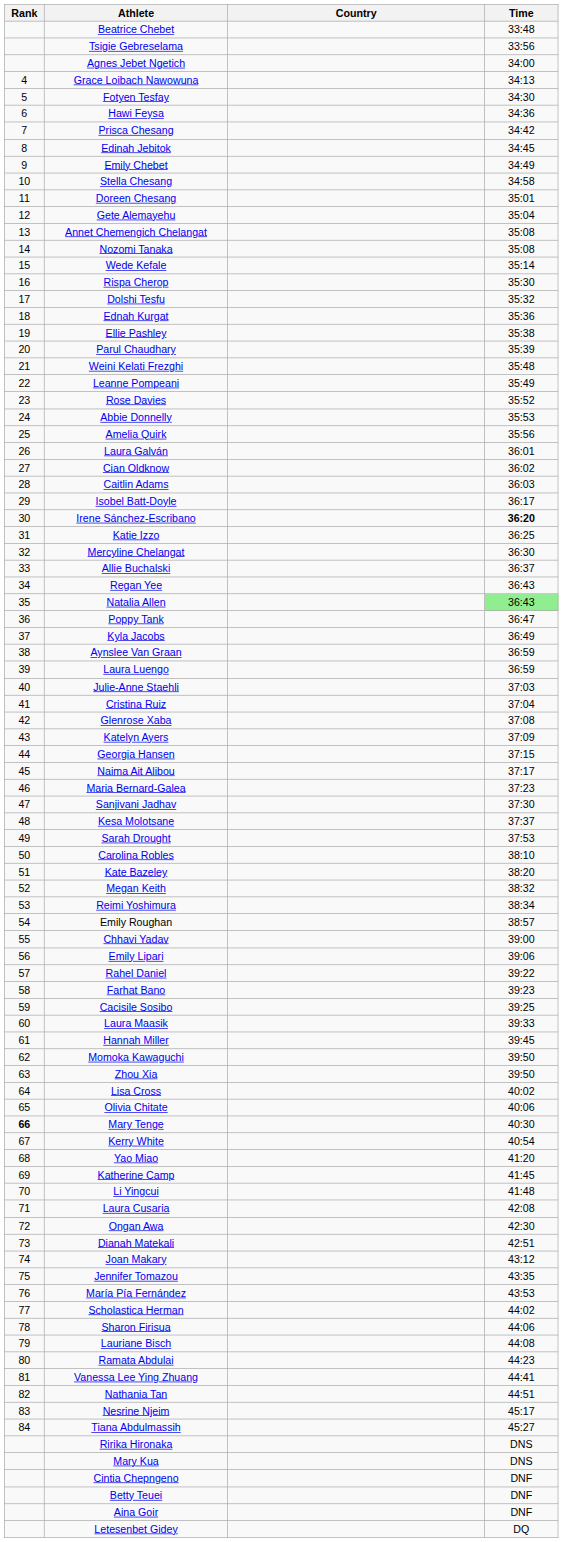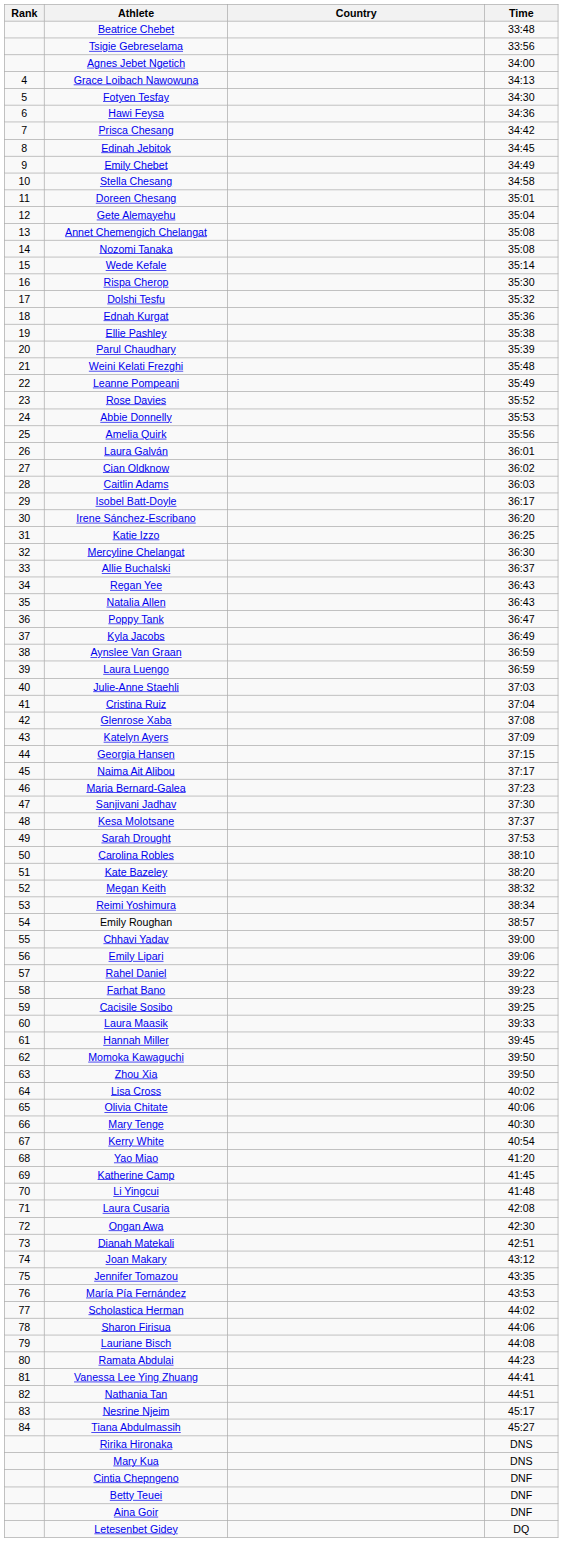 <table class="wikitable sortable" style=" text-align:center; font-size:95%;" width="50%">
 <tr>
 <th width="5%">Rank</th>
 <th width="25%">Athlete</th>
 <th width="35%">Country</th>
 <th width="10%">Time</th>
 </tr>
 <tr>
 <td align=center></td>
 <td><a href='#'>Beatrice Chebet</a></td>
 <td></td>
 <td>33:48</td>
 </tr>
 <tr>
 <td align=center></td>
 <td><a href='#'>Tsigie Gebreselama</a></td>
 <td></td>
 <td>33:56</td>
 </tr>
 <tr>
 <td align=center></td>
 <td><a href='#'>Agnes Jebet Ngetich</a></td>
 <td></td>
 <td>34:00</td>
 </tr>
 <tr>
 <td>4</td>
 <td><a href='#'>Grace Loibach Nawowuna</a></td>
 <td></td>
 <td>34:13</td>
 </tr>
 <tr>
 <td>5</td>
 <td><a href='#'>Fotyen Tesfay</a></td>
 <td></td>
 <td>34:30</td>
 </tr>
 <tr>
 <td>6</td>
 <td><a href='#'>Hawi Feysa</a></td>
 <td></td>
 <td>34:36</td>
 </tr>
 <tr>
 <td>7</td>
 <td><a href='#'>Prisca Chesang</a></td>
 <td></td>
 <td>34:42</td>
 </tr>
 <tr>
 <td>8</td>
 <td><a href='#'>Edinah Jebitok</a></td>
 <td></td>
 <td>34:45</td>
 </tr>
 <tr>
 <td>9</td>
 <td><a href='#'>Emily Chebet</a></td>
 <td></td>
 <td>34:49</td>
 </tr>
 <tr>
 <td>10</td>
 <td><a href='#'>Stella Chesang</a></td>
 <td></td>
 <td>34:58</td>
 </tr>
 <tr>
 <td>11</td>
 <td><a href='#'>Doreen Chesang</a></td>
 <td></td>
 <td>35:01</td>
 </tr>
 <tr>
 <td>12</td>
 <td><a href='#'>Gete Alemayehu</a></td>
 <td></td>
 <td>35:04</td>
 </tr>
 <tr>
 <td>13</td>
 <td><a href='#'>Annet Chemengich Chelangat</a></td>
 <td></td>
 <td>35:08</td>
 </tr>
 <tr>
 <td>14</td>
 <td><a href='#'>Nozomi Tanaka</a></td>
 <td></td>
 <td>35:08</td>
 </tr>
 <tr>
 <td>15</td>
 <td><a href='#'>Wede Kefale</a></td>
 <td></td>
 <td>35:14</td>
 </tr>
 <tr>
 <td>16</td>
 <td><a href='#'>Rispa Cherop</a></td>
 <td></td>
 <td>35:30</td>
 </tr>
 <tr>
 <td>17</td>
 <td><a href='#'>Dolshi Tesfu</a></td>
 <td></td>
 <td>35:32</td>
 </tr>
 <tr>
 <td>18</td>
 <td><a href='#'>Ednah Kurgat</a></td>
 <td></td>
 <td>35:36</td>
 </tr>
 <tr>
 <td>19</td>
 <td><a href='#'>Ellie Pashley</a></td>
 <td></td>
 <td>35:38</td>
 </tr>
 <tr>
 <td>20</td>
 <td><a href='#'>Parul Chaudhary</a></td>
 <td></td>
 <td>35:39</td>
 </tr>
 <tr>
 <td>21</td>
 <td><a href='#'>Weini Kelati Frezghi</a></td>
 <td></td>
 <td>35:48</td>
 </tr>
 <tr>
 <td>22</td>
 <td><a href='#'>Leanne Pompeani</a></td>
 <td></td>
 <td>35:49</td>
 </tr>
 <tr>
 <td>23</td>
 <td><a href='#'>Rose Davies</a></td>
 <td></td>
 <td>35:52</td>
 </tr>
 <tr>
 <td>24</td>
 <td><a href='#'>Abbie Donnelly</a></td>
 <td></td>
 <td>35:53</td>
 </tr>
 <tr>
 <td>25</td>
 <td><a href='#'>Amelia Quirk</a></td>
 <td></td>
 <td>35:56</td>
 </tr>
 <tr>
 <td>26</td>
 <td><a href='#'>Laura Galván</a></td>
 <td></td>
 <td>36:01</td>
 </tr>
 <tr>
 <td>27</td>
 <td><a href='#'>Cian Oldknow</a></td>
 <td></td>
 <td>36:02</td>
 </tr>
 <tr>
 <td>28</td>
 <td><a href='#'>Caitlin Adams</a></td>
 <td></td>
 <td>36:03</td>
 </tr>
 <tr>
 <td>29</td>
 <td><a href='#'>Isobel Batt-Doyle</a></td>
 <td></td>
 <td>36:17</td>
 </tr>
 <tr>
 <td>30</td>
 <td><a href='#'>Irene Sánchez-Escribano</a></td>
 <td></td>
-<td><strong>36:20</strong></td>
+<td>36:20</td>
 </tr>
 <tr>
 <td>31</td>
 <td><a href='#'>Katie Izzo</a></td>
 <td></td>
 <td>36:25</td>
 </tr>
 <tr>
 <td>32</td>
 <td><a href='#'>Mercyline Chelangat</a></td>
 <td></td>
 <td>36:30</td>
 </tr>
 <tr>
 <td>33</td>
 <td><a href='#'>Allie Buchalski</a></td>
 <td></td>
 <td>36:37</td>
 </tr>
 <tr>
 <td>34</td>
 <td><a href='#'>Regan Yee</a></td>
 <td></td>
 <td>36:43</td>
 </tr>
 <tr>
 <td>35</td>
 <td><a href='#'>Natalia Allen</a></td>
 <td></td>
-<td style="background: lightgreen;">36:43</td>
+<td>36:43</td>
 </tr>
 <tr>
 <td>36</td>
 <td><a href='#'>Poppy Tank</a></td>
 <td></td>
 <td>36:47</td>
 </tr>
 <tr>
 <td>37</td>
 <td><a href='#'>Kyla Jacobs</a></td>
 <td></td>
 <td>36:49</td>
 </tr>
 <tr>
 <td>38</td>
 <td><a href='#'>Aynslee Van Graan</a></td>
 <td></td>
 <td>36:59</td>
 </tr>
 <tr>
 <td>39</td>
 <td><a href='#'>Laura Luengo</a></td>
 <td></td>
 <td>36:59</td>
 </tr>
 <tr>
 <td>40</td>
 <td><a href='#'>Julie-Anne Staehli</a></td>
 <td></td>
 <td>37:03</td>
 </tr>
 <tr>
 <td>41</td>
 <td><a href='#'>Cristina Ruiz</a></td>
 <td></td>
 <td>37:04</td>
 </tr>
 <tr>
 <td>42</td>
 <td><a href='#'>Glenrose Xaba</a></td>
 <td></td>
 <td>37:08</td>
 </tr>
 <tr>
 <td>43</td>
 <td><a href='#'>Katelyn Ayers</a></td>
 <td></td>
 <td>37:09</td>
 </tr>
 <tr>
 <td>44</td>
 <td><a href='#'>Georgia Hansen</a></td>
 <td></td>
 <td>37:15</td>
 </tr>
 <tr>
 <td>45</td>
 <td><a href='#'>Naima Ait Alibou</a></td>
 <td></td>
 <td>37:17</td>
 </tr>
 <tr>
 <td>46</td>
 <td><a href='#'>Maria Bernard-Galea</a></td>
 <td></td>
 <td>37:23</td>
 </tr>
 <tr>
 <td>47</td>
 <td><a href='#'>Sanjivani Jadhav</a></td>
 <td></td>
 <td>37:30</td>
 </tr>
 <tr>
 <td>48</td>
 <td><a href='#'>Kesa Molotsane</a></td>
 <td></td>
 <td>37:37</td>
 </tr>
 <tr>
 <td>49</td>
 <td><a href='#'>Sarah Drought</a></td>
 <td></td>
 <td>37:53</td>
 </tr>
 <tr>
 <td>50</td>
 <td><a href='#'>Carolina Robles</a></td>
 <td></td>
 <td>38:10</td>
 </tr>
 <tr>
 <td>51</td>
 <td><a href='#'>Kate Bazeley</a></td>
 <td></td>
 <td>38:20</td>
 </tr>
 <tr>
 <td>52</td>
 <td><a href='#'>Megan Keith</a></td>
 <td></td>
 <td>38:32</td>
 </tr>
 <tr>
 <td>53</td>
 <td><a href='#'>Reimi Yoshimura</a></td>
 <td></td>
 <td>38:34</td>
 </tr>
 <tr>
 <td>54</td>
 <td>Emily Roughan</td>
 <td></td>
 <td>38:57</td>
 </tr>
 <tr>
 <td>55</td>
 <td><a href='#'>Chhavi Yadav</a></td>
 <td></td>
 <td>39:00</td>
 </tr>
 <tr>
 <td>56</td>
 <td><a href='#'>Emily Lipari</a></td>
 <td></td>
 <td>39:06</td>
 </tr>
 <tr>
 <td>57</td>
 <td><a href='#'>Rahel Daniel</a></td>
 <td></td>
 <td>39:22</td>
 </tr>
 <tr>
 <td>58</td>
 <td><a href='#'>Farhat Bano</a></td>
 <td></td>
 <td>39:23</td>
 </tr>
 <tr>
 <td>59</td>
 <td><a href='#'>Cacisile Sosibo</a></td>
 <td></td>
 <td>39:25</td>
 </tr>
 <tr>
 <td>60</td>
 <td><a href='#'>Laura Maasik</a></td>
 <td></td>
 <td>39:33</td>
 </tr>
 <tr>
 <td>61</td>
 <td><a href='#'>Hannah Miller</a></td>
 <td></td>
 <td>39:45</td>
 </tr>
 <tr>
 <td>62</td>
 <td><a href='#'>Momoka Kawaguchi</a></td>
 <td></td>
 <td>39:50</td>
 </tr>
 <tr>
 <td>63</td>
 <td><a href='#'>Zhou Xia</a></td>
 <td></td>
 <td>39:50</td>
 </tr>
 <tr>
 <td>64</td>
 <td><a href='#'>Lisa Cross</a></td>
 <td></td>
 <td>40:02</td>
 </tr>
 <tr>
 <td>65</td>
 <td><a href='#'>Olivia Chitate</a></td>
 <td></td>
 <td>40:06</td>
 </tr>
 <tr>
-<td><strong>66</strong></td>
+<td>66</td>
 <td><a href='#'>Mary Tenge</a></td>
 <td></td>
 <td>40:30</td>
 </tr>
 <tr>
 <td>67</td>
 <td><a href='#'>Kerry White</a></td>
 <td></td>
 <td>40:54</td>
 </tr>
 <tr>
 <td>68</td>
 <td><a href='#'>Yao Miao</a></td>
 <td></td>
 <td>41:20</td>
 </tr>
 <tr>
 <td>69</td>
 <td><a href='#'>Katherine Camp</a></td>
 <td></td>
 <td>41:45</td>
 </tr>
 <tr>
 <td>70</td>
 <td><a href='#'>Li Yingcui</a></td>
 <td></td>
 <td>41:48</td>
 </tr>
 <tr>
 <td>71</td>
 <td><a href='#'>Laura Cusaria</a></td>
 <td></td>
 <td>42:08</td>
 </tr>
 <tr>
 <td>72</td>
 <td><a href='#'>Ongan Awa</a></td>
 <td></td>
 <td>42:30</td>
 </tr>
 <tr>
 <td>73</td>
 <td><a href='#'>Dianah Matekali</a></td>
 <td></td>
 <td>42:51</td>
 </tr>
 <tr>
 <td>74</td>
 <td><a href='#'>Joan Makary</a></td>
 <td></td>
 <td>43:12</td>
 </tr>
 <tr>
 <td>75</td>
 <td><a href='#'>Jennifer Tomazou</a></td>
 <td></td>
 <td>43:35</td>
 </tr>
 <tr>
 <td>76</td>
 <td><a href='#'>María Pía Fernández</a></td>
 <td></td>
 <td>43:53</td>
 </tr>
 <tr>
 <td>77</td>
 <td><a href='#'>Scholastica Herman</a></td>
 <td></td>
 <td>44:02</td>
 </tr>
 <tr>
 <td>78</td>
 <td><a href='#'>Sharon Firisua</a></td>
 <td></td>
 <td>44:06</td>
 </tr>
 <tr>
 <td>79</td>
 <td><a href='#'>Lauriane Bisch</a></td>
 <td></td>
 <td>44:08</td>
 </tr>
 <tr>
 <td>80</td>
 <td><a href='#'>Ramata Abdulai</a></td>
 <td></td>
 <td>44:23</td>
 </tr>
 <tr>
 <td>81</td>
 <td><a href='#'>Vanessa Lee Ying Zhuang</a></td>
 <td></td>
 <td>44:41</td>
 </tr>
 <tr>
 <td>82</td>
 <td><a href='#'>Nathania Tan</a></td>
 <td></td>
 <td>44:51</td>
 </tr>
 <tr>
 <td>83</td>
 <td><a href='#'>Nesrine Njeim</a></td>
 <td></td>
 <td>45:17</td>
 </tr>
 <tr>
 <td>84</td>
 <td><a href='#'>Tiana Abdulmassih</a></td>
 <td></td>
 <td>45:27</td>
 </tr>
 <tr>
 <td></td>
 <td><a href='#'>Ririka Hironaka</a></td>
 <td></td>
 <td>DNS</td>
 </tr>
 <tr>
 <td></td>
 <td><a href='#'>Mary Kua</a></td>
 <td></td>
 <td>DNS</td>
 </tr>
 <tr>
 <td></td>
 <td><a href='#'>Cintia Chepngeno</a></td>
 <td></td>
 <td>DNF</td>
 </tr>
 <tr>
 <td></td>
 <td><a href='#'>Betty Teuei</a></td>
 <td></td>
 <td>DNF</td>
 </tr>
 <tr>
 <td></td>
 <td><a href='#'>Aina Goir</a></td>
 <td></td>
 <td>DNF</td>
 </tr>
 <tr>
 <td></td>
 <td><a href='#'>Letesenbet Gidey</a></td>
 <td></td>
 <td>DQ</td>
 </tr>
 </table>
